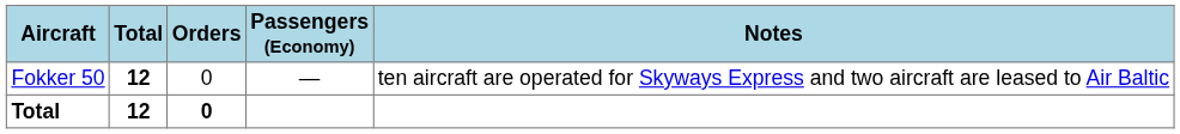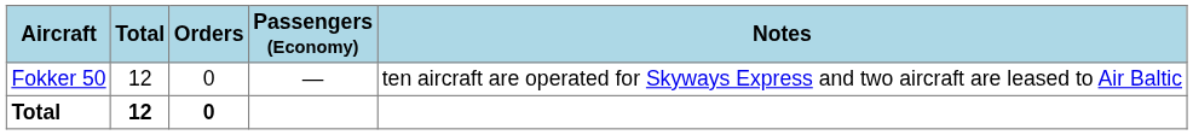 <table class="toccolours" border="1" cellpadding="3" style="border-collapse:collapse;margin:1em auto;">
 <tr bgcolor=lightblue>
 <th>Aircraft</th>
 <th>Total</th>
 <th>Orders</th>
 <th>Passengers<br><small>(Economy)</small></th>
 <th>Notes</th>
 </tr>
 <tr>
 <td><a href='#'>Fokker 50</a></td>
-<td align="center"><strong>12</strong></td>
+<td align="center">12</td>
 <td align="center">0</td>
 <td align="center">—</td>
 <td>ten aircraft are operated for <a href='#'>Skyways Express</a> and two aircraft are leased to <a href='#'>Air Baltic</a></td>
 </tr>
 <tr>
 <td><strong>Total</strong></td>
 <th>12</th>
 <th>0</th>
 <th></th>
 </tr>
 </table>
